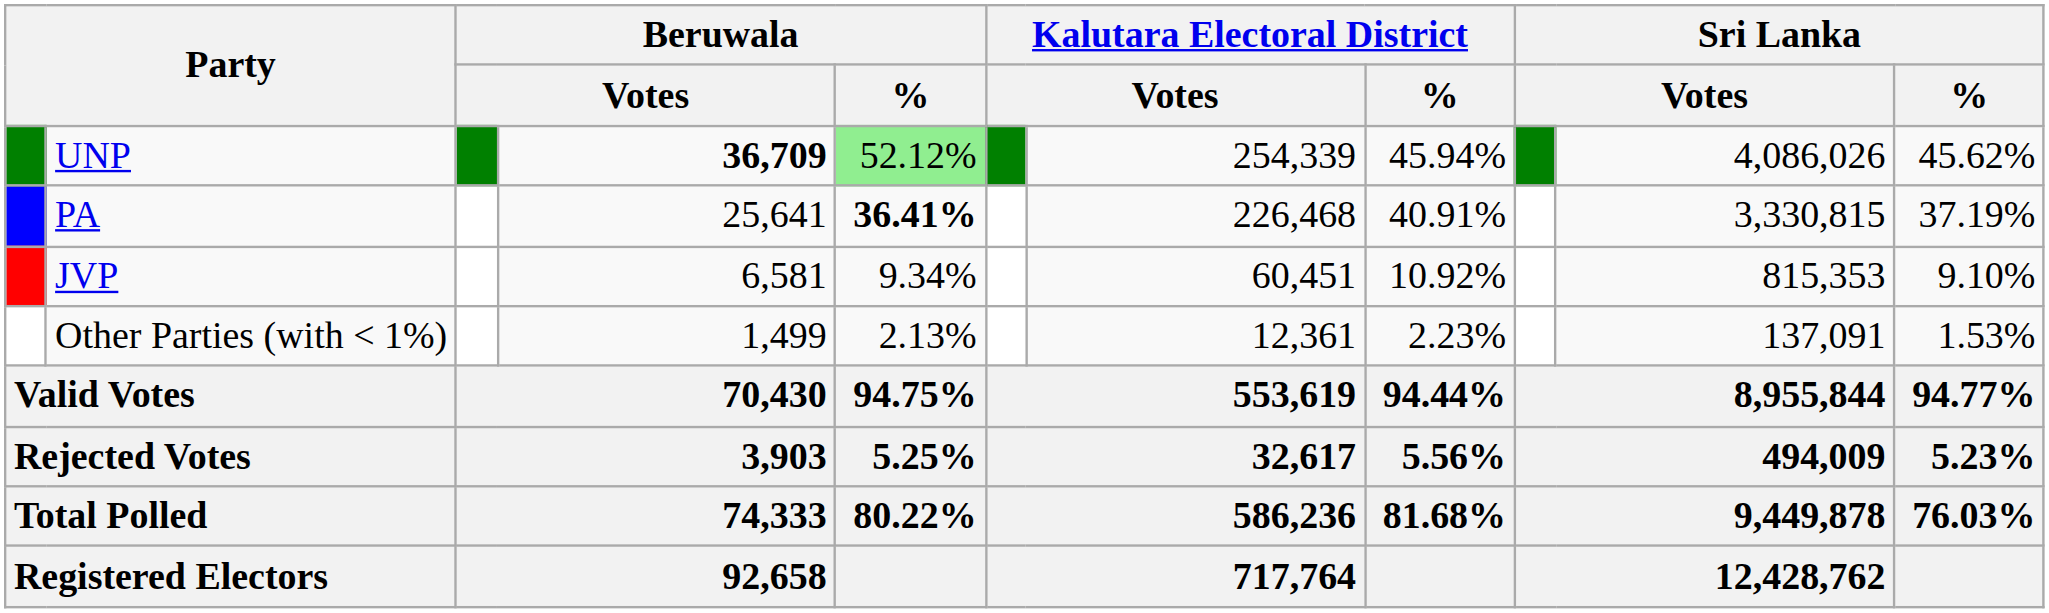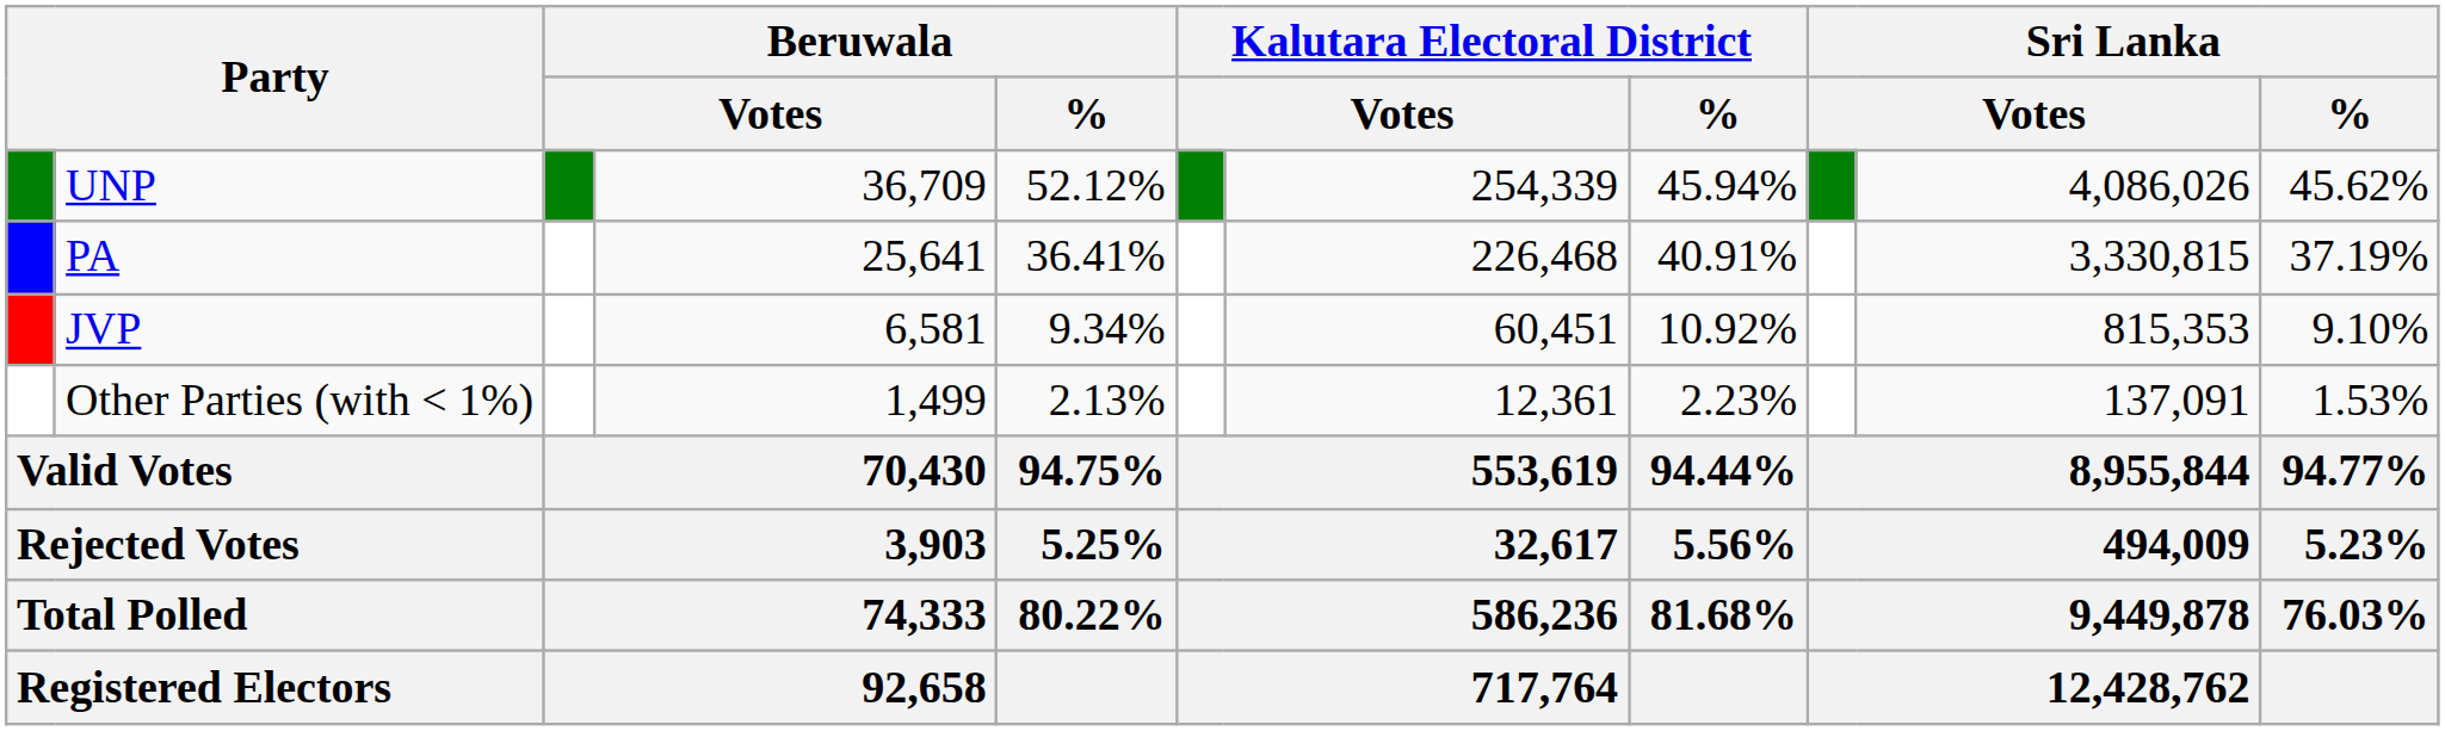 <table class="wikitable">
 <tr>
 <th colspan="2" width="144px"rowspan="2">Party</th>
 <th colspan="3" width="216px">Beruwala</th>
 <th colspan="3" width="216px"><a href='#'>Kalutara Electoral District</a></th>
 <th colspan="3" width="216px">Sri Lanka</th>
 </tr>
 <tr>
 <th colspan="2" width="144px">Votes</th>
 <th>%</th>
 <th colspan="2" width="144px">Votes</th>
 <th>%</th>
 <th colspan="2" width="144px">Votes</th>
 <th>%</th>
 </tr>
 <tr>
 <td style="background-color:green;" width="10px"></td>
 <td style="text-align:left;"><a href='#'>UNP</a></td>
 <td style="background-color:green;" width="10px"></td>
-<td style="text-align:right;"><strong>36,709</strong></td>
-<td style="background: lightgreen; text-align:right;">52.12%</td>
+<td style="text-align:right;">36,709</td>
+<td style="text-align:right;">52.12%</td>
 <td style="background-color:green;" width="10px"></td>
 <td style="text-align:right;">254,339</td>
 <td style="text-align:right;">45.94%</td>
 <td style="background-color:green;" width="10px"></td>
 <td style="text-align:right;">4,086,026</td>
 <td style="text-align:right;">45.62%</td>
 </tr>
 <tr>
 <td style="background-color:blue;" width="10px"></td>
 <td style="text-align:left;"><a href='#'>PA</a></td>
 <td style="background-color:white;" width="10px"></td>
 <td style="text-align:right;">25,641</td>
-<td style="text-align:right;"><strong>36.41%</strong></td>
+<td style="text-align:right;">36.41%</td>
 <td style="background-color:white;" width="10px"></td>
 <td style="text-align:right;">226,468</td>
 <td style="text-align:right;">40.91%</td>
 <td style="background-color:white;" width="10px"></td>
 <td style="text-align:right;">3,330,815</td>
 <td style="text-align:right;">37.19%</td>
 </tr>
 <tr>
 <td style="background-color:red;" width="10px"></td>
 <td style="text-align:left;"><a href='#'>JVP</a></td>
 <td style="background-color:white;" width="10px"></td>
 <td style="text-align:right;">6,581</td>
 <td style="text-align:right;">9.34%</td>
 <td style="background-color:white;" width="10px"></td>
 <td style="text-align:right;">60,451</td>
 <td style="text-align:right;">10.92%</td>
 <td style="background-color:white;" width="10px"></td>
 <td style="text-align:right;">815,353</td>
 <td style="text-align:right;">9.10%</td>
 </tr>
 <tr>
 <td style="background-color:white;" width="10px"></td>
 <td style="text-align:left;">Other Parties (with < 1%)</td>
 <td style="background-color:white;" width="10px"></td>
 <td style="text-align:right;">1,499</td>
 <td style="text-align:right;">2.13%</td>
 <td style="background-color:white;" width="10px"></td>
 <td style="text-align:right;">12,361</td>
 <td style="text-align:right;">2.23%</td>
 <td style="background-color:white;" width="10px"></td>
 <td style="text-align:right;">137,091</td>
 <td style="text-align:right;">1.53%</td>
 </tr>
 <tr>
 <th colspan="2" width="144px"style="text-align:left;">Valid Votes</th>
 <th style="text-align:right;"colspan="2" width="144px">70,430</th>
 <th style="text-align:right;">94.75%</th>
 <th style="text-align:right;"colspan="2" width="144px">553,619</th>
 <th style="text-align:right;">94.44%</th>
 <th style="text-align:right;"colspan="2" width="144px">8,955,844</th>
 <th style="text-align:right;">94.77%</th>
 </tr>
 <tr>
 <th colspan="2" width="144px"style="text-align:left;">Rejected Votes</th>
 <th style="text-align:right;"colspan="2" width="144px">3,903</th>
 <th style="text-align:right;">5.25%</th>
 <th style="text-align:right;"colspan="2" width="144px">32,617</th>
 <th style="text-align:right;">5.56%</th>
 <th style="text-align:right;"colspan="2" width="144px">494,009</th>
 <th style="text-align:right;">5.23%</th>
 </tr>
 <tr>
 <th colspan="2" width="144px"style="text-align:left;">Total Polled</th>
 <th style="text-align:right;"colspan="2" width="144px">74,333</th>
 <th style="text-align:right;">80.22%</th>
 <th style="text-align:right;"colspan="2" width="144px">586,236</th>
 <th style="text-align:right;">81.68%</th>
 <th style="text-align:right;"colspan="2" width="144px">9,449,878</th>
 <th style="text-align:right;">76.03%</th>
 </tr>
 <tr>
 <th colspan="2" width="144px"style="text-align:left;">Registered Electors</th>
 <th style="text-align:right;"colspan="2" width="144px">92,658</th>
 <th></th>
 <th style="text-align:right;"colspan="2" width="144px">717,764</th>
 <th></th>
 <th style="text-align:right;"colspan="2" width="144px">12,428,762</th>
 <th></th>
 </tr>
 </table>
